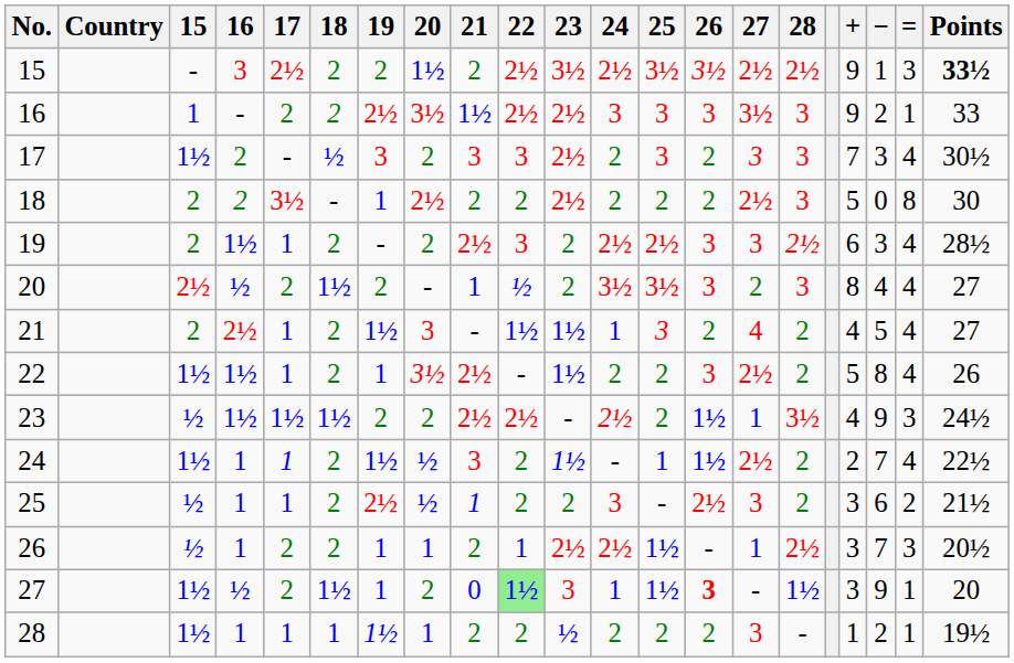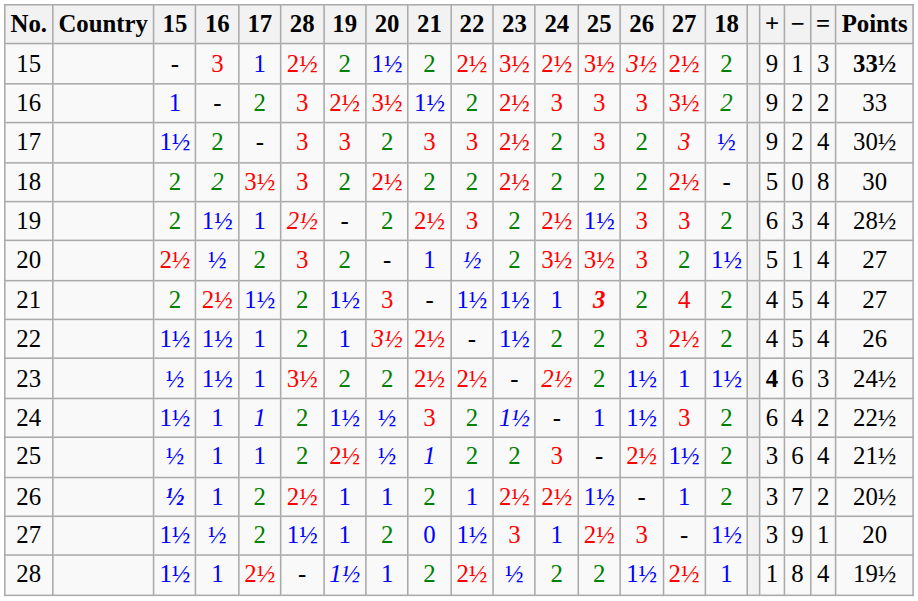 <table class="wikitable" style="text-align:center">
 <tr>
 <th>No.</th>
 <th>Country</th>
 <th>15</th>
 <th>16</th>
 <th>17</th>
-<th>18</th>
+<th>28</th>
 <th>19</th>
 <th>20</th>
 <th>21</th>
 <th>22</th>
 <th>23</th>
 <th>24</th>
 <th>25</th>
 <th>26</th>
 <th>27</th>
-<th>28</th>
+<th>18</th>
 <th></th>
 <th>+</th>
 <th>−</th>
 <th>=</th>
 <th>Points</th>
 </tr>
 <tr>
 <td>15</td>
 <td style="text-align: left"></td>
 <td>-</td>
 <td style="color:red;">3</td>
+<td style="color:blue;">1</td>
 <td style="color:red;">2½</td>
-<td style="color:green;">2</td>
 <td style="color:green;">2</td>
 <td style="color:blue;">1½</td>
 <td style="color:green;">2</td>
 <td style="color:red;">2½</td>
 <td style="color:red;">3½</td>
 <td style="color:red;">2½</td>
 <td style="color:red;">3½</td>
 <td style="color:red;"><em>3½</em></td>
 <td style="color:red;">2½</td>
-<td style="color:red;">2½</td>
+<td style="color:green;">2</td>
 <th></th>
 <td>9</td>
 <td>1</td>
 <td>3</td>
 <td><strong>33½ </strong></td>
 </tr>
 <tr>
 <td>16</td>
 <td style="text-align: left"></td>
 <td style="color:blue;">1</td>
 <td>-</td>
 <td style="color:green;">2</td>
-<td style="color:green;"><em>2</em></td>
+<td style="color:red;">3</td>
 <td style="color:red;">2½</td>
 <td style="color:red;">3½</td>
 <td style="color:blue;">1½</td>
-<td style="color:red;">2½</td>
+<td style="color:green;">2</td>
 <td style="color:red;">2½</td>
 <td style="color:red;">3</td>
 <td style="color:red;">3</td>
 <td style="color:red;">3</td>
 <td style="color:red;">3½</td>
-<td style="color:red;">3</td>
+<td style="color:green;"><em>2</em></td>
 <th></th>
 <td>9</td>
 <td>2</td>
-<td>1</td>
+<td>2</td>
 <td>33</td>
 </tr>
 <tr>
 <td>17</td>
 <td style="text-align: left"></td>
 <td style="color:blue;">1½</td>
 <td style="color:green;">2</td>
 <td>-</td>
-<td style="color:blue;">½</td>
+<td style="color:red;">3</td>
 <td style="color:red;">3</td>
 <td style="color:green;">2</td>
 <td style="color:red;">3</td>
 <td style="color:red;">3</td>
 <td style="color:red;">2½</td>
 <td style="color:green;">2</td>
 <td style="color:red;">3</td>
 <td style="color:green;">2</td>
 <td style="color:red;"><em>3</em></td>
-<td style="color:red;">3</td>
+<td style="color:blue;">½</td>
 <th></th>
-<td>7</td>
-<td>3</td>
+<td>9</td>
+<td>2</td>
 <td>4</td>
 <td>30½</td>
 </tr>
 <tr>
 <td>18</td>
 <td style="text-align: left"></td>
 <td style="color:green;">2</td>
 <td style="color:green;"><em>2</em></td>
 <td style="color:red;">3½</td>
-<td>-</td>
-<td style="color:blue;">1</td>
+<td style="color:red;">3</td>
+<td style="color:green;">2</td>
 <td style="color:red;">2½</td>
 <td style="color:green;">2</td>
 <td style="color:green;">2</td>
 <td style="color:red;">2½</td>
 <td style="color:green;">2</td>
 <td style="color:green;">2</td>
 <td style="color:green;">2</td>
 <td style="color:red;">2½</td>
-<td style="color:red;">3</td>
+<td>-</td>
 <th></th>
 <td>5</td>
 <td>0</td>
 <td>8</td>
 <td>30</td>
 </tr>
 <tr>
 <td>19</td>
 <td style="text-align: left"></td>
 <td style="color:green;">2</td>
 <td style="color:blue;">1½</td>
 <td style="color:blue;">1</td>
-<td style="color:green;">2</td>
+<td style="color:red;"><em>2½</em></td>
 <td>-</td>
 <td style="color:green;">2</td>
 <td style="color:red;">2½</td>
 <td style="color:red;">3</td>
 <td style="color:green;">2</td>
 <td style="color:red;">2½</td>
-<td style="color:red;">2½</td>
+<td style="color:blue;">1½</td>
 <td style="color:red;">3</td>
 <td style="color:red;">3</td>
-<td style="color:red;"><em>2½</em></td>
+<td style="color:green;">2</td>
 <th></th>
 <td>6</td>
 <td>3</td>
 <td>4</td>
 <td>28½</td>
 </tr>
 <tr>
 <td>20</td>
 <td style="text-align: left"></td>
 <td style="color:red;">2½</td>
 <td style="color:blue;">½</td>
 <td style="color:green;">2</td>
-<td style="color:blue;">1½</td>
+<td style="color:red;">3</td>
 <td style="color:green;">2</td>
 <td>-</td>
 <td style="color:blue;">1</td>
 <td style="color:blue;"><em>½</em></td>
 <td style="color:green;">2</td>
 <td style="color:red;">3½</td>
 <td style="color:red;">3½</td>
 <td style="color:red;">3</td>
 <td style="color:green;">2</td>
-<td style="color:red;">3</td>
+<td style="color:blue;">1½</td>
 <th></th>
-<td>8</td>
-<td>4</td>
+<td>5</td>
+<td>1</td>
 <td>4</td>
 <td>27</td>
 </tr>
 <tr>
 <td>21</td>
 <td style="text-align: left"></td>
 <td style="color:green;">2</td>
 <td style="color:red;">2½</td>
-<td style="color:blue;">1</td>
+<td style="color:blue;">1½</td>
 <td style="color:green;">2</td>
 <td style="color:blue;">1½</td>
 <td style="color:red;">3</td>
 <td>-</td>
 <td style="color:blue;">1½</td>
 <td style="color:blue;">1½</td>
 <td style="color:blue;">1</td>
-<td style="color:red;"><em>3</em></td>
+<td style="color:red;"><strong><em>3</em></strong></td>
 <td style="color:green;">2</td>
 <td style="color:red;">4</td>
 <td style="color:green;">2</td>
 <th></th>
 <td>4</td>
 <td>5</td>
 <td>4</td>
 <td>27</td>
 </tr>
 <tr>
 <td>22</td>
 <td style="text-align: left"></td>
 <td style="color:blue;">1½</td>
 <td style="color:blue;">1½</td>
 <td style="color:blue;">1</td>
 <td style="color:green;">2</td>
 <td style="color:blue;">1</td>
 <td style="color:red;"><em>3½</em></td>
 <td style="color:red;">2½</td>
 <td>-</td>
 <td style="color:blue;">1½</td>
 <td style="color:green;">2</td>
 <td style="color:green;">2</td>
 <td style="color:red;">3</td>
 <td style="color:red;">2½</td>
 <td style="color:green;">2</td>
 <th></th>
+<td>4</td>
 <td>5</td>
-<td>8</td>
 <td>4</td>
 <td>26</td>
 </tr>
 <tr>
 <td>23</td>
 <td style="text-align: left"></td>
 <td style="color:blue;">½</td>
 <td style="color:blue;">1½</td>
-<td style="color:blue;">1½</td>
-<td style="color:blue;">1½</td>
+<td style="color:blue;">1</td>
+<td style="color:red;">3½</td>
 <td style="color:green;">2</td>
 <td style="color:green;">2</td>
 <td style="color:red;">2½</td>
 <td style="color:red;">2½</td>
 <td>-</td>
 <td style="color:red;"><em>2½</em></td>
 <td style="color:green;">2</td>
 <td style="color:blue;">1½</td>
 <td style="color:blue;">1</td>
-<td style="color:red;">3½</td>
+<td style="color:blue;">1½</td>
 <th></th>
-<td>4</td>
-<td>9</td>
+<td><strong>4</strong></td>
+<td>6</td>
 <td>3</td>
 <td>24½</td>
 </tr>
 <tr>
 <td>24</td>
 <td style="text-align: left"></td>
 <td style="color:blue;">1½</td>
 <td style="color:blue;">1</td>
 <td style="color:blue;"><em>1</em></td>
 <td style="color:green;">2</td>
 <td style="color:blue;">1½</td>
 <td style="color:blue;">½</td>
 <td style="color:red;">3</td>
 <td style="color:green;">2</td>
 <td style="color:blue;"><em>1½</em></td>
 <td>-</td>
 <td style="color:blue;">1</td>
 <td style="color:blue;">1½</td>
-<td style="color:red;">2½</td>
+<td style="color:red;">3</td>
 <td style="color:green;">2</td>
 <th></th>
+<td>6</td>
+<td>4</td>
 <td>2</td>
-<td>7</td>
-<td>4</td>
 <td>22½</td>
 </tr>
 <tr>
 <td>25</td>
 <td style="text-align: left"></td>
 <td style="color:blue;">½</td>
 <td style="color:blue;">1</td>
 <td style="color:blue;">1</td>
 <td style="color:green;">2</td>
 <td style="color:red;">2½</td>
 <td style="color:blue;">½</td>
 <td style="color:blue;"><em>1</em></td>
 <td style="color:green;">2</td>
 <td style="color:green;">2</td>
 <td style="color:red;">3</td>
 <td>-</td>
 <td style="color:red;">2½</td>
-<td style="color:red;">3</td>
+<td style="color:blue;">1½</td>
 <td style="color:green;">2</td>
 <th></th>
 <td>3</td>
 <td>6</td>
-<td>2</td>
+<td>4</td>
 <td>21½</td>
 </tr>
 <tr>
 <td>26</td>
 <td style="text-align: left"></td>
-<td style="color:blue;"><em>½</em></td>
+<td style="color:blue;"><strong><em>½</em></strong></td>
 <td style="color:blue;">1</td>
 <td style="color:green;">2</td>
-<td style="color:green;">2</td>
+<td style="color:red;">2½</td>
 <td style="color:blue;">1</td>
 <td style="color:blue;">1</td>
 <td style="color:green;">2</td>
 <td style="color:blue;">1</td>
 <td style="color:red;">2½</td>
 <td style="color:red;">2½</td>
 <td style="color:blue;">1½</td>
 <td>-</td>
 <td style="color:blue;">1</td>
-<td style="color:red;">2½</td>
+<td style="color:green;">2</td>
 <th></th>
 <td>3</td>
 <td>7</td>
-<td>3</td>
+<td>2</td>
 <td>20½</td>
 </tr>
 <tr>
 <td>27</td>
 <td style="text-align: left"></td>
 <td style="color:blue;">1½</td>
 <td style="color:blue;">½</td>
 <td style="color:green;">2</td>
 <td style="color:blue;">1½</td>
 <td style="color:blue;">1</td>
 <td style="color:green;">2</td>
 <td style="color:blue;">0</td>
-<td style="background: lightgreen; color:blue;">1½</td>
+<td style="color:blue;">1½</td>
 <td style="color:red;">3</td>
 <td style="color:blue;">1</td>
-<td style="color:blue;">1½</td>
-<td style="color:red;"><strong>3</strong></td>
+<td style="color:red;">2½</td>
+<td style="color:red;">3</td>
 <td>-</td>
 <td style="color:blue;">1½</td>
 <th></th>
 <td>3</td>
 <td>9</td>
 <td>1</td>
 <td>20</td>
 </tr>
 <tr>
 <td>28</td>
 <td style="text-align: left"></td>
 <td style="color:blue;">1½</td>
 <td style="color:blue;">1</td>
-<td style="color:blue;">1</td>
-<td style="color:blue;">1</td>
+<td style="color:red;">2½</td>
+<td>-</td>
 <td style="color:blue;"><em>1½</em></td>
 <td style="color:blue;">1</td>
 <td style="color:green;">2</td>
-<td style="color:green;">2</td>
+<td style="color:red;">2½</td>
 <td style="color:blue;">½</td>
 <td style="color:green;">2</td>
 <td style="color:green;">2</td>
-<td style="color:green;">2</td>
-<td style="color:red;">3</td>
-<td>-</td>
+<td style="color:blue;">1½</td>
+<td style="color:red;">2½</td>
+<td style="color:blue;">1</td>
 <th></th>
 <td>1</td>
-<td>2</td>
-<td>1</td>
+<td>8</td>
+<td>4</td>
 <td>19½</td>
 </tr>
 </table>
